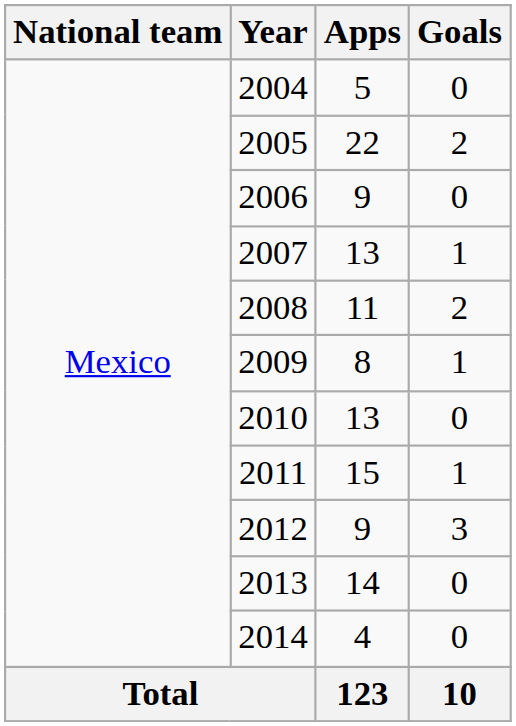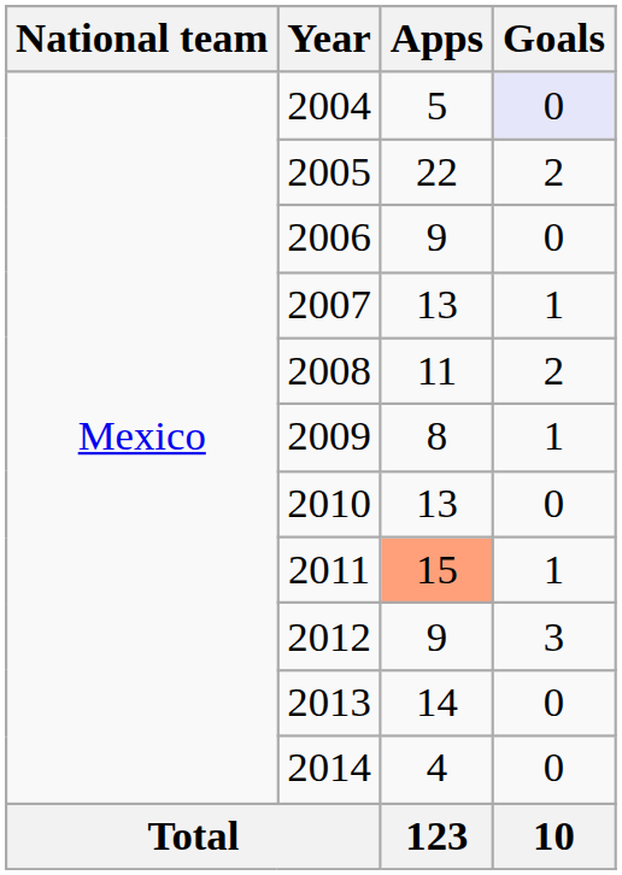 <table class="wikitable" style="text-align: center;">
 <tr>
 <th>National team</th>
 <th>Year</th>
 <th>Apps</th>
 <th>Goals</th>
 </tr>
 <tr>
 <td rowspan="11" valign="center"><a href='#'>Mexico</a></td>
 <td>2004</td>
 <td>5</td>
-<td>0</td>
+<td style="background: lavender;">0</td>
 </tr>
 <tr>
 <td>2005</td>
 <td>22</td>
 <td>2</td>
 </tr>
 <tr>
 <td>2006</td>
 <td>9</td>
 <td>0</td>
 </tr>
 <tr>
 <td>2007</td>
 <td>13</td>
 <td>1</td>
 </tr>
 <tr>
 <td>2008</td>
 <td>11</td>
 <td>2</td>
 </tr>
 <tr>
 <td>2009</td>
 <td>8</td>
 <td>1</td>
 </tr>
 <tr>
 <td>2010</td>
 <td>13</td>
 <td>0</td>
 </tr>
 <tr>
 <td>2011</td>
-<td>15</td>
+<td style="background: lightsalmon;">15</td>
 <td>1</td>
 </tr>
 <tr>
 <td>2012</td>
 <td>9</td>
 <td>3</td>
 </tr>
 <tr>
 <td>2013</td>
 <td>14</td>
 <td>0</td>
 </tr>
 <tr>
 <td>2014</td>
 <td>4</td>
 <td>0</td>
 </tr>
 <tr>
 <th colspan="2">Total</th>
 <th>123</th>
 <th>10</th>
 </tr>
 </table>
